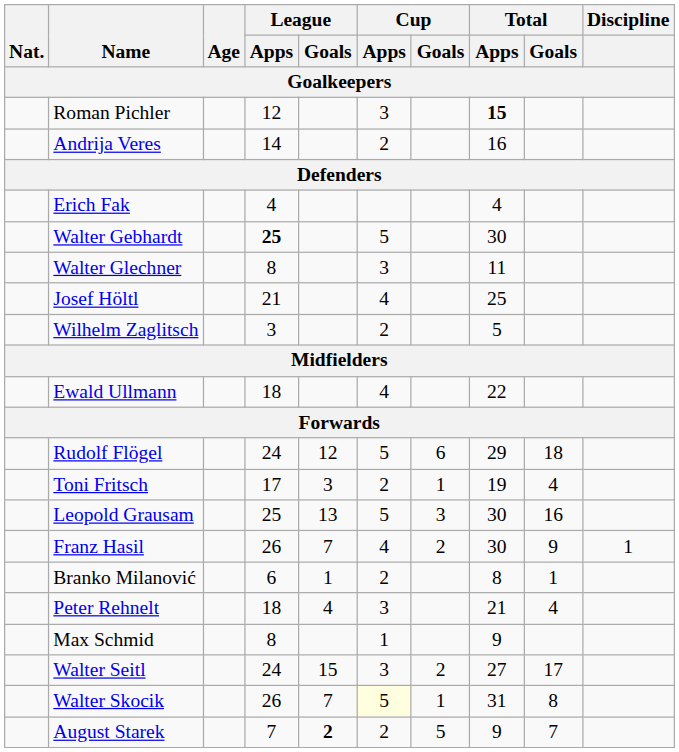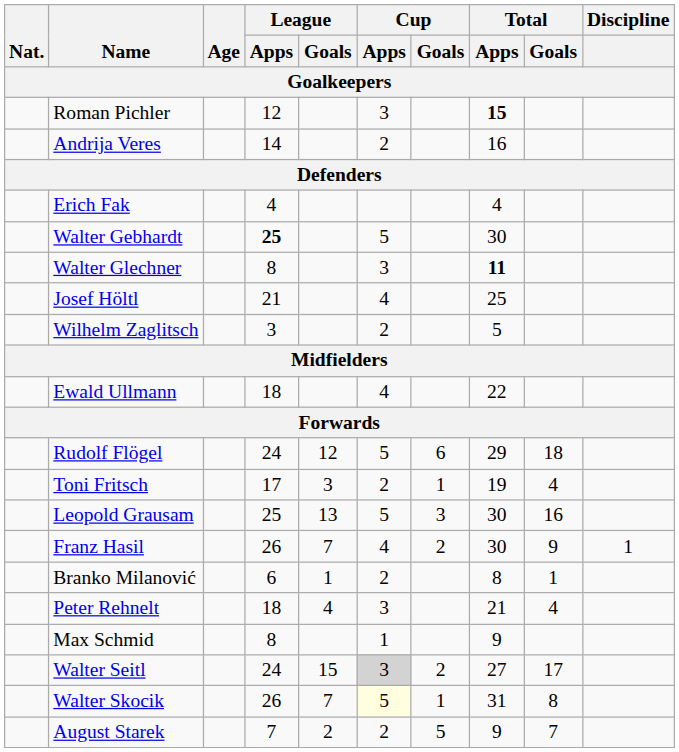 <table class="wikitable" style="text-align:center">
 <tr>
 <th rowspan="2" valign="bottom">Nat.</th>
 <th rowspan="2" valign="bottom">Name</th>
 <th rowspan="2" valign="bottom">Age</th>
 <th colspan="2" width="85">League</th>
 <th colspan="2" width="85">Cup</th>
 <th colspan="2" width="85">Total</th>
 <th>Discipline</th>
 </tr>
 <tr>
 <th>Apps</th>
 <th>Goals</th>
 <th>Apps</th>
 <th>Goals</th>
 <th>Apps</th>
 <th>Goals</th>
 <th></th>
 </tr>
 <tr>
 <th colspan=15>Goalkeepers</th>
 </tr>
 <tr>
 <td></td>
 <td align="left">Roman Pichler</td>
 <td></td>
 <td>12</td>
 <td></td>
 <td>3</td>
 <td></td>
 <td><strong>15</strong></td>
 <td></td>
 <td></td>
 </tr>
 <tr>
 <td></td>
 <td align="left"><a href='#'>Andrija Veres</a></td>
 <td></td>
 <td>14</td>
 <td></td>
 <td>2</td>
 <td></td>
 <td>16</td>
 <td></td>
 <td></td>
 </tr>
 <tr>
 <th colspan=15>Defenders</th>
 </tr>
 <tr>
 <td></td>
 <td align="left"><a href='#'>Erich Fak</a></td>
 <td></td>
 <td>4</td>
 <td></td>
 <td></td>
 <td></td>
 <td>4</td>
 <td></td>
 <td></td>
 </tr>
 <tr>
 <td></td>
 <td align="left"><a href='#'>Walter Gebhardt</a></td>
 <td></td>
 <td><strong>25</strong></td>
 <td></td>
 <td>5</td>
 <td></td>
 <td>30</td>
 <td></td>
 <td></td>
 </tr>
 <tr>
 <td></td>
 <td align="left"><a href='#'>Walter Glechner</a></td>
 <td></td>
 <td>8</td>
 <td></td>
 <td>3</td>
 <td></td>
-<td>11</td>
+<td><strong>11</strong></td>
 <td></td>
 <td></td>
 </tr>
 <tr>
 <td></td>
 <td align="left"><a href='#'>Josef Höltl</a></td>
 <td></td>
 <td>21</td>
 <td></td>
 <td>4</td>
 <td></td>
 <td>25</td>
 <td></td>
 <td></td>
 </tr>
 <tr>
 <td></td>
 <td align="left"><a href='#'>Wilhelm Zaglitsch</a></td>
 <td></td>
 <td>3</td>
 <td></td>
 <td>2</td>
 <td></td>
 <td>5</td>
 <td></td>
 <td></td>
 </tr>
 <tr>
 <th colspan=15>Midfielders</th>
 </tr>
 <tr>
 <td></td>
 <td align="left"><a href='#'>Ewald Ullmann</a></td>
 <td></td>
 <td>18</td>
 <td></td>
 <td>4</td>
 <td></td>
 <td>22</td>
 <td></td>
 <td></td>
 </tr>
 <tr>
 <th colspan=15>Forwards</th>
 </tr>
 <tr>
 <td></td>
 <td align="left"><a href='#'>Rudolf Flögel</a></td>
 <td></td>
 <td>24</td>
 <td>12</td>
 <td>5</td>
 <td>6</td>
 <td>29</td>
 <td>18</td>
 <td></td>
 </tr>
 <tr>
 <td></td>
 <td align="left"><a href='#'>Toni Fritsch</a></td>
 <td></td>
 <td>17</td>
 <td>3</td>
 <td>2</td>
 <td>1</td>
 <td>19</td>
 <td>4</td>
 <td></td>
 </tr>
 <tr>
 <td></td>
 <td align="left"><a href='#'>Leopold Grausam</a></td>
 <td></td>
 <td>25</td>
 <td>13</td>
 <td>5</td>
 <td>3</td>
 <td>30</td>
 <td>16</td>
 <td></td>
 </tr>
 <tr>
 <td></td>
 <td align="left"><a href='#'>Franz Hasil</a></td>
 <td></td>
 <td>26</td>
 <td>7</td>
 <td>4</td>
 <td>2</td>
 <td>30</td>
 <td>9</td>
 <td>1</td>
 </tr>
 <tr>
 <td></td>
 <td align="left">Branko Milanović</td>
 <td></td>
 <td>6</td>
 <td>1</td>
 <td>2</td>
 <td></td>
 <td>8</td>
 <td>1</td>
 <td></td>
 </tr>
 <tr>
 <td></td>
 <td align="left"><a href='#'>Peter Rehnelt</a></td>
 <td></td>
 <td>18</td>
 <td>4</td>
 <td>3</td>
 <td></td>
 <td>21</td>
 <td>4</td>
 <td></td>
 </tr>
 <tr>
 <td></td>
 <td align="left">Max Schmid</td>
 <td></td>
 <td>8</td>
 <td></td>
 <td>1</td>
 <td></td>
 <td>9</td>
 <td></td>
 <td></td>
 </tr>
 <tr>
 <td></td>
 <td align="left"><a href='#'>Walter Seitl</a></td>
 <td></td>
 <td>24</td>
 <td>15</td>
-<td>3</td>
+<td style="background: lightgrey;">3</td>
 <td>2</td>
 <td>27</td>
 <td>17</td>
 <td></td>
 </tr>
 <tr>
 <td></td>
 <td align="left"><a href='#'>Walter Skocik</a></td>
 <td></td>
 <td>26</td>
 <td>7</td>
 <td style="background: lightyellow;">5</td>
 <td>1</td>
 <td>31</td>
 <td>8</td>
 <td></td>
 </tr>
 <tr>
 <td></td>
 <td align="left"><a href='#'>August Starek</a></td>
 <td></td>
 <td>7</td>
-<td><strong>2</strong></td>
+<td>2</td>
 <td>2</td>
 <td>5</td>
 <td>9</td>
 <td>7</td>
 <td></td>
 </tr>
 </table>
